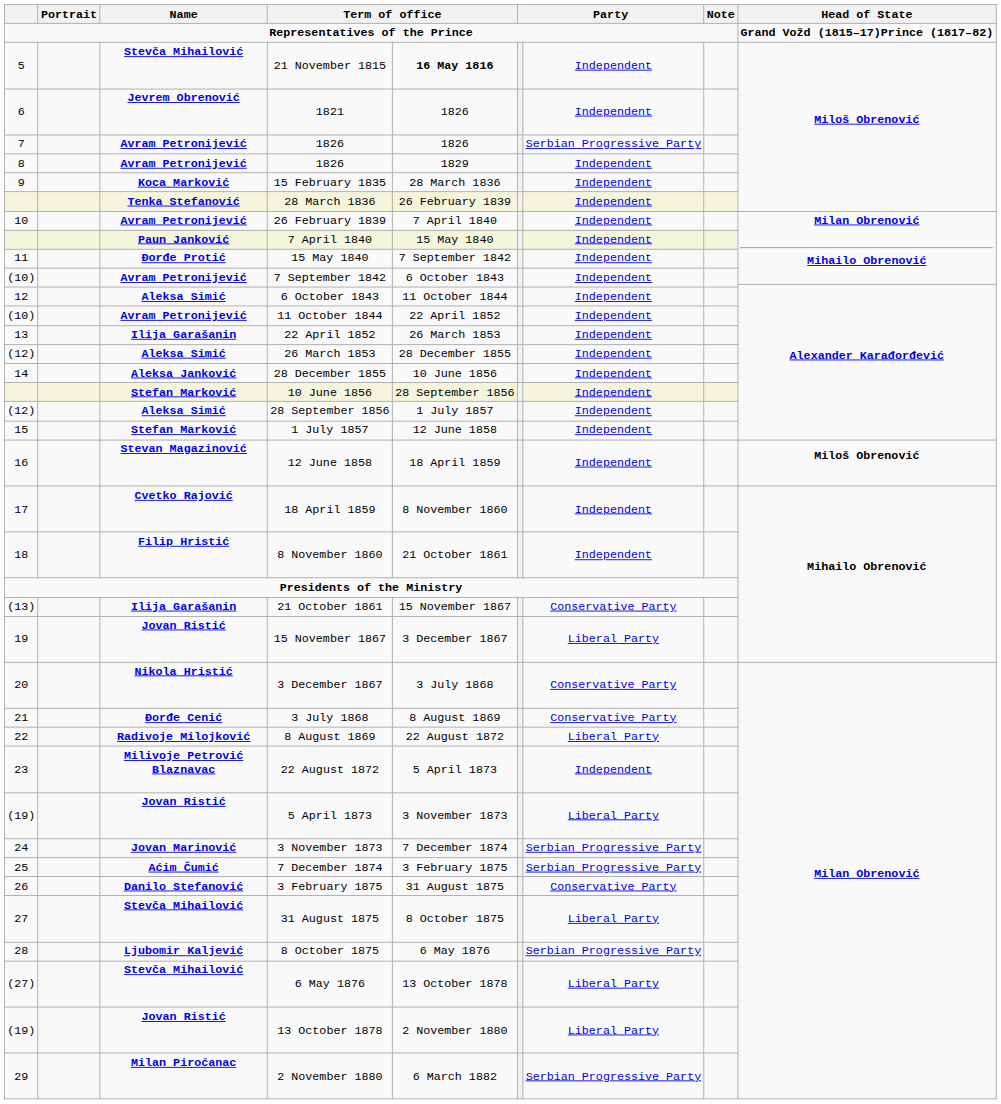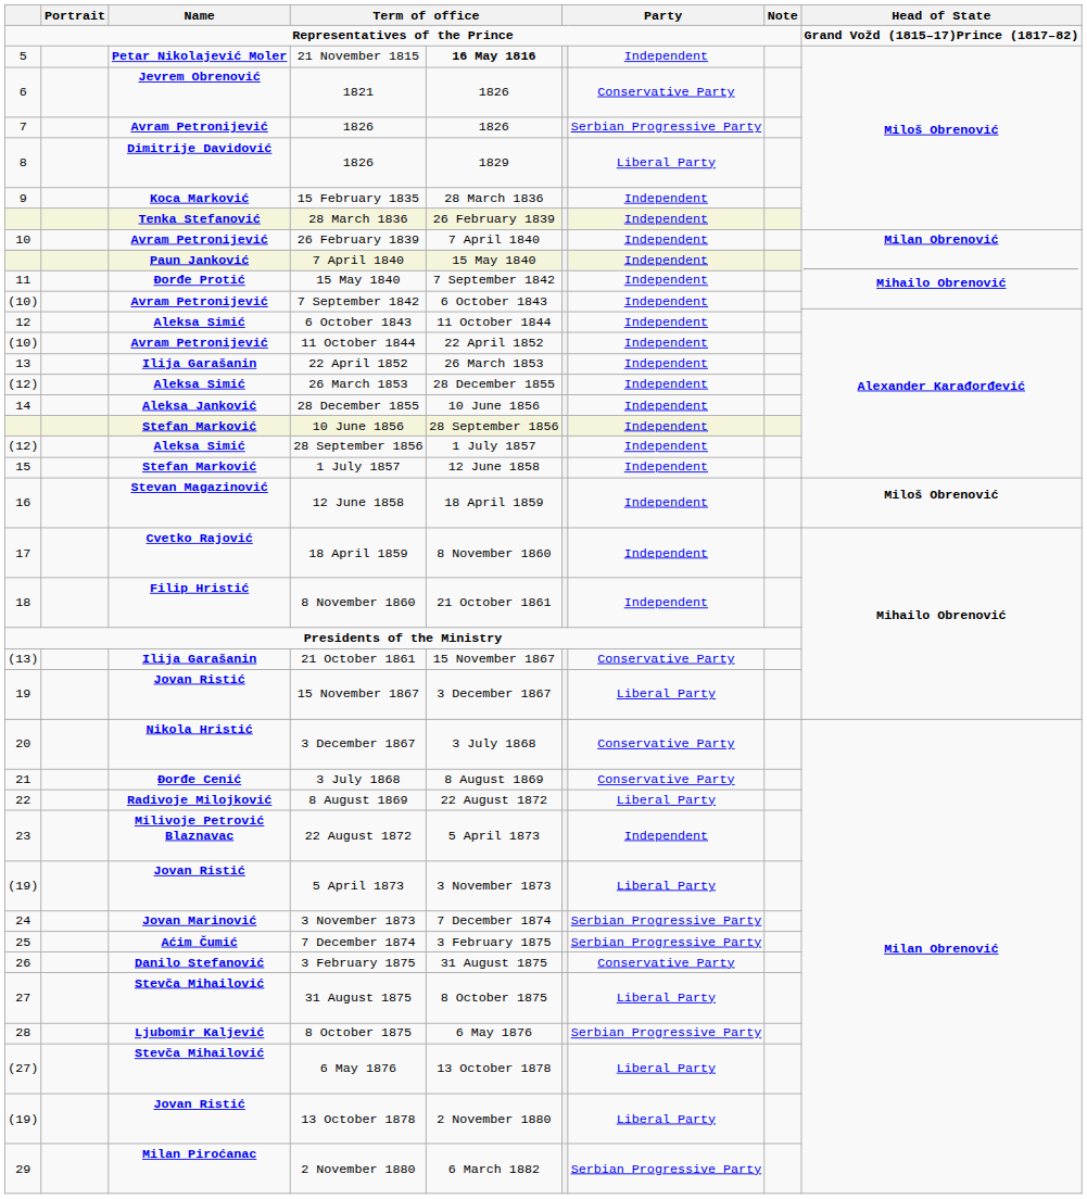 <table class="wikitable" style="text-align:center;">
 <tr>
 <th></th>
 <th>Portrait</th>
 <th width="180px">Name<br></th>
 <th colspan="2">Term of office</th>
 <th colspan="2">Party</th>
 <th>Note</th>
 <th rowspan="2">Head of State</th>
 </tr>
 <tr>
 <td colspan="8" rowspan="2"><strong>Representatives of the Prince</strong><br></td>
 </tr>
 <tr>
 <td><strong>Grand Vožd (1815–17)</strong><strong>Prince (1817–82)</strong></td>
 </tr>
 <tr>
 <td>5</td>
 <td></td>
-<td><strong><a href='#'>Stevča Mihailović</a></strong><br><br><br></td>
+<td><strong><a href='#'>Petar Nikolajević Moler</a></strong><br></td>
 <td>21 November 1815</td>
 <td><strong>16 May 1816</strong></td>
 <th style="background: "></th>
 <td><a href='#'>Independent</a></td>
 <td></td>
 <td rowspan="7"><strong><a href='#'>Miloš Obrenović</a></strong><br><br></td>
 </tr>
 <tr>
 <td>6</td>
 <td></td>
 <td><strong><a href='#'>Jevrem Obrenović</a></strong><br><br><br></td>
 <td>1821</td>
 <td>1826</td>
 <th style="background: "></th>
-<td><a href='#'>Independent</a></td>
+<td><a href='#'>Conservative Party</a></td>
 <td></td>
 </tr>
 <tr>
 <td>7</td>
 <td></td>
 <td><strong><a href='#'>Avram Petronijević</a></strong><br></td>
 <td>1826</td>
 <td>1826</td>
 <th style="background: "></th>
 <td><a href='#'>Serbian Progressive Party</a></td>
 <td></td>
 </tr>
 <tr>
 <td>8</td>
 <td></td>
-<td><strong><a href='#'>Avram Petronijević</a></strong><br></td>
+<td><strong><a href='#'>Dimitrije Davidović</a></strong><br><br><br></td>
 <td>1826</td>
 <td>1829</td>
 <th style="background: "></th>
-<td><a href='#'>Independent</a></td>
+<td><a href='#'>Liberal Party</a></td>
 <td></td>
 </tr>
 <tr>
 <td>9</td>
 <td></td>
 <td><strong><a href='#'>Koca Marković</a></strong><br></td>
 <td>15 February 1835</td>
 <td>28 March 1836</td>
 <th style="background: "></th>
 <td><a href='#'>Independent</a></td>
 <td></td>
 </tr>
 <tr style="background:#F5F5DC;">
 <td style=color:#ccc></td>
 <td></td>
 <td><strong><a href='#'>Tenka Stefanović</a></strong><br></td>
 <td>28 March 1836</td>
 <td>26 February 1839</td>
 <th style="background: "></th>
 <td><a href='#'>Independent</a></td>
 <td></td>
 </tr>
 <tr>
 <td rowspan="2">10</td>
 <td rowspan="2"></td>
 <td rowspan="2"><strong><a href='#'>Avram Petronijević</a></strong><br></td>
 <td rowspan="2">26 February 1839</td>
 <td rowspan="2">7 April 1840</td>
 <th rowspan="2" style="background: "></th>
 <td rowspan="2"><a href='#'>Independent</a></td>
 <td rowspan="2"></td>
 </tr>
 <tr>
 <td rowspan="4"><strong><a href='#'>Milan Obrenović</a></strong><br><br><hr><strong><a href='#'>Mihailo Obrenović</a></strong><br><br></td>
 </tr>
 <tr style="background:#F5F5DC;">
 <td style=color:#ccc></td>
 <td></td>
 <td><strong><a href='#'>Paun Janković</a></strong><br></td>
 <td>7 April 1840</td>
 <td>15 May 1840</td>
 <th style="background: "></th>
 <td><a href='#'>Independent</a></td>
 <td></td>
 </tr>
 <tr>
 <td>11</td>
 <td></td>
 <td><strong><a href='#'>Đorđe Protić</a></strong><br></td>
 <td>15 May 1840</td>
 <td>7 September 1842</td>
 <th style="background: "></th>
 <td><a href='#'>Independent</a></td>
 <td></td>
 </tr>
 <tr>
 <td rowspan="2">(10)</td>
 <td rowspan="2"></td>
 <td rowspan="2"><strong><a href='#'>Avram Petronijević</a></strong><br></td>
 <td rowspan="2">7 September 1842</td>
 <td rowspan="2">6 October 1843</td>
 <th rowspan="2" style="background: "></th>
 <td rowspan="2"><a href='#'>Independent</a></td>
 <td rowspan="2"></td>
 </tr>
 <tr>
 <td rowspan="10"><strong><a href='#'>Alexander Karađorđević</a></strong><br><br></td>
 </tr>
 <tr>
 <td>12</td>
 <td></td>
 <td><strong><a href='#'>Aleksa Simić</a></strong><br></td>
 <td>6 October 1843</td>
 <td>11 October 1844</td>
 <th style="background: "></th>
 <td><a href='#'>Independent</a></td>
 <td></td>
 </tr>
 <tr>
 <td>(10)</td>
 <td></td>
 <td><strong><a href='#'>Avram Petronijević</a></strong><br></td>
 <td>11 October 1844</td>
 <td>22 April 1852</td>
 <th style="background: "></th>
 <td><a href='#'>Independent</a></td>
 <td></td>
 </tr>
 <tr>
 <td>13</td>
 <td></td>
 <td><strong><a href='#'>Ilija Garašanin</a></strong><br></td>
 <td>22 April 1852</td>
 <td>26 March 1853</td>
 <th style="background: "></th>
 <td><a href='#'>Independent</a></td>
 <td></td>
 </tr>
 <tr>
 <td>(12)</td>
 <td></td>
 <td><strong><a href='#'>Aleksa Simić</a></strong><br></td>
 <td>26 March 1853</td>
 <td>28 December 1855</td>
 <th style="background: "></th>
 <td><a href='#'>Independent</a></td>
 <td></td>
 </tr>
 <tr>
 <td>14</td>
 <td></td>
 <td><strong><a href='#'>Aleksa Janković</a></strong><br></td>
 <td>28 December 1855</td>
 <td>10 June 1856</td>
 <th style="background: "></th>
 <td><a href='#'>Independent</a></td>
 <td></td>
 </tr>
 <tr style="background:#F5F5DC;">
 <td style=color:#ccc></td>
 <td></td>
 <td><a href='#'><strong>Stefan Marković</strong></a><br></td>
 <td>10 June 1856</td>
 <td>28 September 1856</td>
 <th style="background: "></th>
 <td><a href='#'>Independent</a></td>
 <td></td>
 </tr>
 <tr>
 <td>(12)</td>
 <td></td>
 <td><strong><a href='#'>Aleksa Simić</a></strong><br></td>
 <td>28 September 1856</td>
 <td>1 July 1857</td>
 <th style="background: "></th>
 <td><a href='#'>Independent</a></td>
 <td></td>
 </tr>
 <tr>
 <td>15</td>
 <td></td>
 <td><a href='#'><strong>Stefan Marković</strong></a><br></td>
 <td>1 July 1857</td>
 <td>12 June 1858</td>
 <th style="background: "></th>
 <td><a href='#'>Independent</a></td>
 <td></td>
 </tr>
 <tr>
 <td rowspan="2">16</td>
 <td rowspan="2"></td>
 <td rowspan="2"><strong><a href='#'>Stevan Magazinović</a></strong><br><br><br></td>
 <td rowspan="2">12 June 1858</td>
 <td rowspan="2">18 April 1859</td>
 <th rowspan="2" style="background: "></th>
 <td rowspan="2"><a href='#'>Independent</a></td>
 <td rowspan="2"></td>
 </tr>
 <tr>
 <td rowspan="2"><strong>Miloš Obrenović</strong><br><br></td>
 </tr>
 <tr>
 <td rowspan="2">17</td>
 <td rowspan="2"></td>
 <td rowspan="2"><strong><a href='#'>Cvetko Rajović</a></strong><br><br><br></td>
 <td rowspan="2">18 April 1859</td>
 <td rowspan="2">8 November 1860</td>
 <th rowspan="2" style="background: "></th>
 <td rowspan="2"><a href='#'>Independent</a></td>
 <td rowspan="2"></td>
 </tr>
 <tr>
 <td rowspan="6"><strong>Mihailo Obrenović</strong><br><br></td>
 </tr>
 <tr>
 <td>18</td>
 <td></td>
 <td><strong><a href='#'>Filip Hristić</a></strong><br><br><br></td>
 <td>8 November 1860</td>
 <td>21 October 1861</td>
 <th style="background: "></th>
 <td><a href='#'>Independent</a></td>
 <td></td>
 </tr>
 <tr>
 <td colspan="8"><strong>Presidents of the Ministry</strong><br></td>
 </tr>
 <tr>
 <td>(13)</td>
 <td></td>
 <td><strong><a href='#'>Ilija Garašanin</a></strong><br></td>
 <td>21 October 1861</td>
 <td>15 November 1867</td>
 <th style="background: "></th>
 <td><a href='#'>Conservative Party</a></td>
 <td></td>
 </tr>
 <tr>
 <td>19</td>
 <td></td>
 <td><strong><a href='#'>Jovan Ristić</a></strong><br><br><br></td>
 <td>15 November 1867</td>
 <td>3 December 1867</td>
 <th style="background: "></th>
 <td><a href='#'>Liberal Party</a></td>
 <td></td>
 </tr>
 <tr>
 <td rowspan="2">20</td>
 <td rowspan="2"></td>
 <td rowspan="2"><strong><a href='#'>Nikola Hristić</a></strong><br><br><br></td>
 <td rowspan="2">3 December 1867</td>
 <td rowspan="2">3 July 1868</td>
 <th rowspan="2" style="background: "></th>
 <td rowspan="2"><a href='#'>Conservative Party</a></td>
 <td rowspan="2"></td>
 </tr>
 <tr>
 <td rowspan="13"><strong><a href='#'>Milan Obrenović</a></strong><br><br></td>
 </tr>
 <tr>
 <td>21</td>
 <td></td>
 <td><strong><a href='#'>Đorđe Cenić</a></strong><br></td>
 <td>3 July 1868</td>
 <td>8 August 1869</td>
 <th style="background: "></th>
 <td><a href='#'>Conservative Party</a></td>
 <td></td>
 </tr>
 <tr>
 <td>22</td>
 <td></td>
 <td><strong><a href='#'>Radivoje Milojković</a></strong><br></td>
 <td>8 August 1869</td>
 <td>22 August 1872</td>
 <th style="background: "></th>
 <td><a href='#'>Liberal Party</a></td>
 <td></td>
 </tr>
 <tr>
 <td>23</td>
 <td></td>
 <td><strong><a href='#'>Milivoje Petrović Blaznavac</a></strong><br><br></td>
 <td>22 August 1872</td>
 <td>5 April 1873</td>
 <th style="background: "></th>
 <td><a href='#'>Independent</a></td>
 <td></td>
 </tr>
 <tr>
 <td>(19)</td>
 <td></td>
 <td><strong><a href='#'>Jovan Ristić</a></strong><br><br><br></td>
 <td>5 April 1873</td>
 <td>3 November 1873</td>
 <th style="background: "></th>
 <td><a href='#'>Liberal Party</a></td>
 <td></td>
 </tr>
 <tr>
 <td>24</td>
 <td></td>
 <td><strong><a href='#'>Jovan Marinović</a></strong><br></td>
 <td>3 November 1873</td>
 <td>7 December 1874</td>
 <th style="background: "></th>
 <td><a href='#'>Serbian Progressive Party</a></td>
 <td></td>
 </tr>
 <tr>
 <td>25</td>
 <td></td>
 <td><strong><a href='#'>Aćim Čumić</a></strong><br></td>
 <td>7 December 1874</td>
 <td>3 February 1875</td>
 <th style="background: "></th>
 <td><a href='#'>Serbian Progressive Party</a></td>
 <td></td>
 </tr>
 <tr>
 <td>26</td>
 <td></td>
 <td><strong><a href='#'>Danilo Stefanović</a></strong><br></td>
 <td>3 February 1875</td>
 <td>31 August 1875</td>
 <th style="background: "></th>
 <td><a href='#'>Conservative Party</a></td>
 <td></td>
 </tr>
 <tr>
 <td>27</td>
 <td></td>
 <td><strong><a href='#'>Stevča Mihailović</a></strong><br><br><br></td>
 <td>31 August 1875</td>
 <td>8 October 1875</td>
 <th style="background: "></th>
 <td><a href='#'>Liberal Party</a></td>
 <td></td>
 </tr>
 <tr>
 <td>28</td>
 <td></td>
 <td><strong><a href='#'>Ljubomir Kaljević</a></strong><br></td>
 <td>8 October 1875</td>
 <td>6 May 1876</td>
 <th style="background: "></th>
 <td><a href='#'>Serbian Progressive Party</a></td>
 <td></td>
 </tr>
 <tr>
 <td>(27)</td>
 <td></td>
 <td><strong><a href='#'>Stevča Mihailović</a></strong><br><br><br></td>
 <td>6 May 1876</td>
 <td>13 October 1878</td>
 <th style="background: "></th>
 <td><a href='#'>Liberal Party</a></td>
 <td></td>
 </tr>
 <tr>
 <td>(19)</td>
 <td></td>
 <td><strong><a href='#'>Jovan Ristić</a></strong><br><br><br></td>
 <td>13 October 1878</td>
 <td>2 November 1880</td>
 <th style="background: "></th>
 <td><a href='#'>Liberal Party</a></td>
 <td></td>
 </tr>
 <tr>
 <td>29</td>
 <td></td>
 <td><strong><a href='#'>Milan Piroćanac</a></strong><br><br><br></td>
 <td>2 November 1880</td>
 <td>6 March 1882</td>
 <th style="background: "></th>
 <td><a href='#'>Serbian Progressive Party</a></td>
 <td></td>
 </tr>
 </table>
